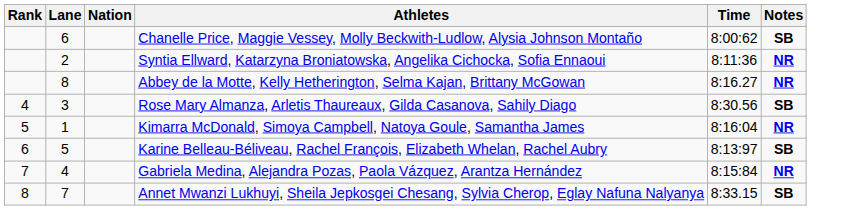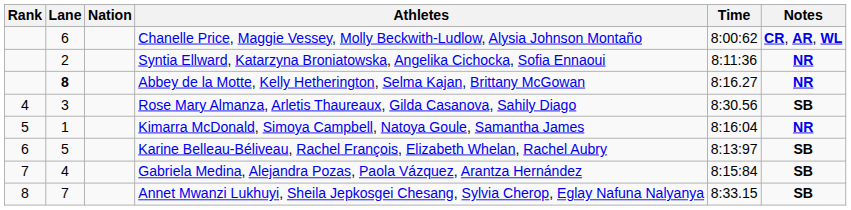 <table class="wikitable sortable" style="text-align:center">
 <tr>
 <th>Rank</th>
 <th>Lane</th>
 <th>Nation</th>
 <th>Athletes</th>
 <th>Time</th>
 <th>Notes</th>
 </tr>
 <tr>
 <td></td>
 <td>6</td>
 <td align=left></td>
 <td align=left><a href='#'>Chanelle Price</a>, <a href='#'>Maggie Vessey</a>, <a href='#'>Molly Beckwith-Ludlow</a>, <a href='#'>Alysia Johnson Montaño</a></td>
 <td>8:00:62</td>
-<td><strong>SB</strong></td>
+<td><strong><a href='#'>CR</a></strong>, <strong><a href='#'>AR</a></strong>, <strong><a href='#'>WL</a></strong></td>
 </tr>
 <tr>
 <td></td>
 <td>2</td>
 <td align=left></td>
 <td align=left><a href='#'>Syntia Ellward</a>, <a href='#'>Katarzyna Broniatowska</a>, <a href='#'>Angelika Cichocka</a>, <a href='#'>Sofia Ennaoui</a></td>
 <td>8:11:36</td>
 <td><strong><a href='#'>NR</a></strong></td>
 </tr>
 <tr>
 <td></td>
-<td>8</td>
+<td><strong>8</strong></td>
 <td align=left></td>
 <td align=left><a href='#'>Abbey de la Motte</a>, <a href='#'>Kelly Hetherington</a>, <a href='#'>Selma Kajan</a>, <a href='#'>Brittany McGowan</a></td>
 <td>8:16.27</td>
 <td><strong><a href='#'>NR</a></strong></td>
 </tr>
 <tr>
 <td>4</td>
 <td>3</td>
 <td align=left></td>
 <td align=left><a href='#'>Rose Mary Almanza</a>, <a href='#'>Arletis Thaureaux</a>, <a href='#'>Gilda Casanova</a>, <a href='#'>Sahily Diago</a></td>
 <td>8:30.56</td>
 <td><strong>SB</strong></td>
 </tr>
 <tr>
 <td>5</td>
 <td>1</td>
 <td align=left></td>
 <td align=left><a href='#'>Kimarra McDonald</a>, <a href='#'>Simoya Campbell</a>, <a href='#'>Natoya Goule</a>, <a href='#'>Samantha James</a></td>
 <td>8:16:04</td>
 <td><strong><a href='#'>NR</a></strong></td>
 </tr>
 <tr>
 <td>6</td>
 <td>5</td>
 <td align=left></td>
 <td align=left><a href='#'>Karine Belleau-Béliveau</a>, <a href='#'>Rachel François</a>, <a href='#'>Elizabeth Whelan</a>, <a href='#'>Rachel Aubry</a></td>
 <td>8:13:97</td>
 <td><strong>SB</strong></td>
 </tr>
 <tr>
 <td>7</td>
 <td>4</td>
 <td align=left></td>
 <td align=left><a href='#'>Gabriela Medina</a>, <a href='#'>Alejandra Pozas</a>, <a href='#'>Paola Vázquez</a>, <a href='#'>Arantza Hernández</a></td>
 <td>8:15:84</td>
-<td><strong><a href='#'>NR</a></strong></td>
+<td><strong>SB</strong></td>
 </tr>
 <tr>
 <td>8</td>
 <td>7</td>
 <td align=left></td>
 <td align=left><a href='#'>Annet Mwanzi Lukhuyi</a>, <a href='#'>Sheila Jepkosgei Chesang</a>, <a href='#'>Sylvia Cherop</a>, <a href='#'>Eglay Nafuna Nalyanya</a></td>
 <td>8:33.15</td>
 <td><strong>SB</strong></td>
 </tr>
 </table>
